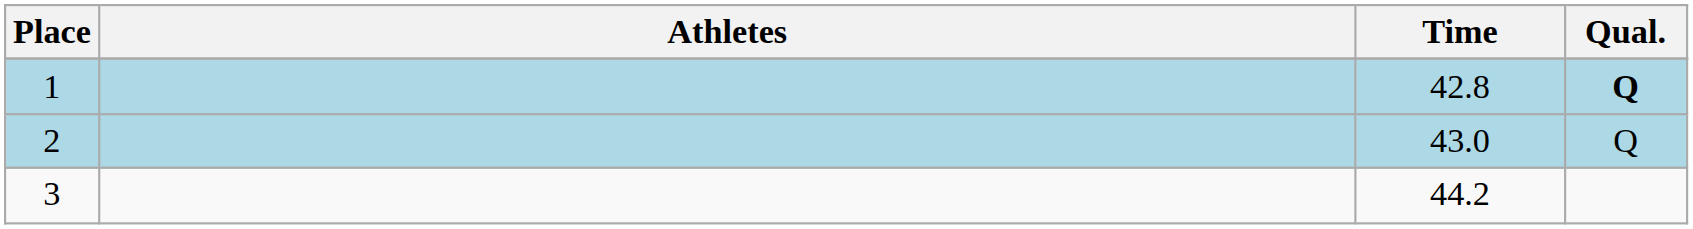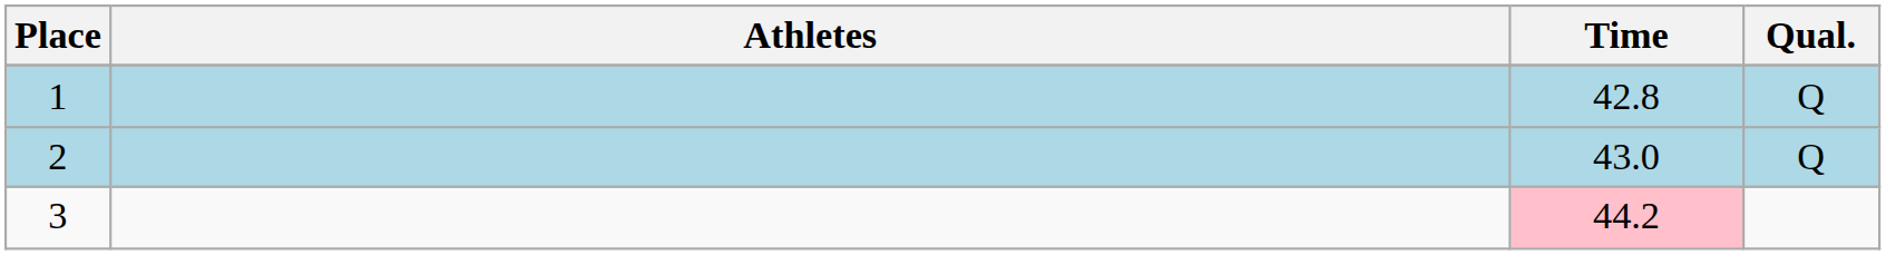 <table class=wikitable style="text-align:center">
 <tr>
 <th width=20>Place</th>
 <th width=580>Athletes</th>
 <th width=90>Time</th>
 <th width=50>Qual.</th>
 </tr>
 <tr>
 </tr>
 <tr bgcolor=lightblue>
 <td>1</td>
 <td align=left></td>
 <td>42.8</td>
-<td><strong>Q</strong></td>
+<td>Q</td>
 </tr>
 <tr bgcolor=lightblue>
 <td>2</td>
 <td align=left></td>
 <td>43.0</td>
 <td>Q</td>
 </tr>
 <tr>
 <td>3</td>
 <td align=left></td>
-<td>44.2</td>
+<td style="background: pink;">44.2</td>
 <td></td>
 </tr>
 </table>
